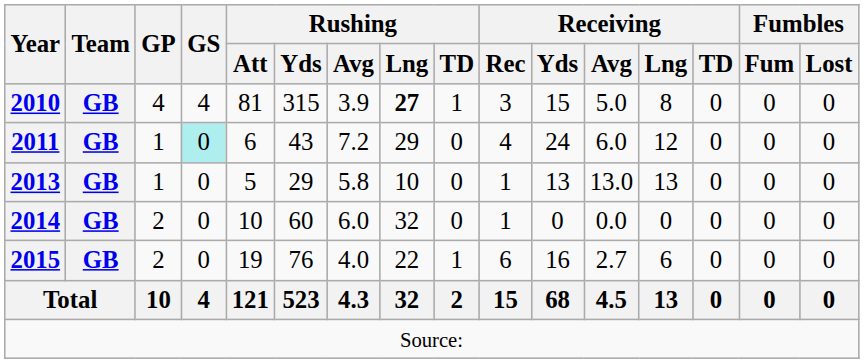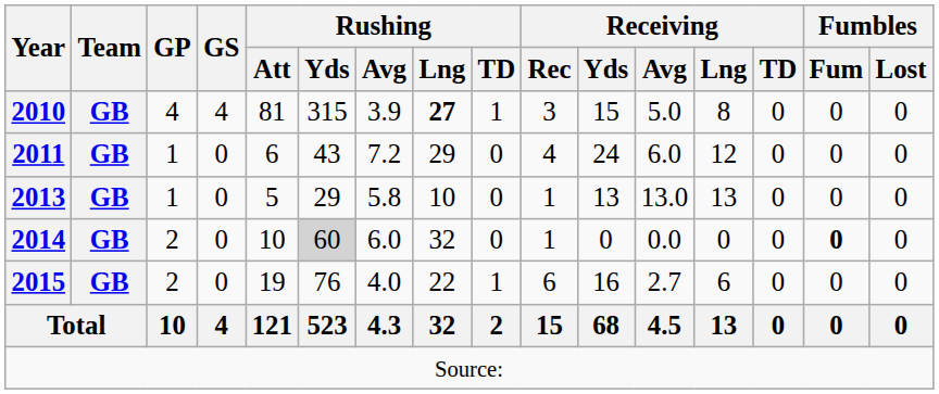 <table class="wikitable" style="text-align: center;">
 <tr>
 <th rowspan="2">Year</th>
 <th rowspan="2">Team</th>
 <th rowspan="2">GP</th>
 <th rowspan="2">GS</th>
 <th colspan="5">Rushing</th>
 <th colspan="5">Receiving</th>
 <th colspan="2">Fumbles</th>
 </tr>
 <tr>
 <th>Att</th>
 <th>Yds</th>
 <th>Avg</th>
 <th>Lng</th>
 <th>TD</th>
 <th>Rec</th>
 <th>Yds</th>
 <th>Avg</th>
 <th>Lng</th>
 <th>TD</th>
 <th>Fum</th>
 <th>Lost</th>
 </tr>
 <tr>
 <th><a href='#'>2010</a></th>
 <th><a href='#'>GB</a></th>
 <td>4</td>
 <td>4</td>
 <td>81</td>
 <td>315</td>
 <td>3.9</td>
 <td><strong>27</strong></td>
 <td>1</td>
 <td>3</td>
 <td>15</td>
 <td>5.0</td>
 <td>8</td>
 <td>0</td>
 <td>0</td>
 <td>0</td>
 </tr>
 <tr>
 <th><a href='#'>2011</a></th>
 <th><a href='#'>GB</a></th>
 <td>1</td>
-<td style="background: paleturquoise;">0</td>
+<td>0</td>
 <td>6</td>
 <td>43</td>
 <td>7.2</td>
 <td>29</td>
 <td>0</td>
 <td>4</td>
 <td>24</td>
 <td>6.0</td>
 <td>12</td>
 <td>0</td>
 <td>0</td>
 <td>0</td>
 </tr>
 <tr>
 <th><a href='#'>2013</a></th>
 <th><a href='#'>GB</a></th>
 <td>1</td>
 <td>0</td>
 <td>5</td>
 <td>29</td>
 <td>5.8</td>
 <td>10</td>
 <td>0</td>
 <td>1</td>
 <td>13</td>
 <td>13.0</td>
 <td>13</td>
 <td>0</td>
 <td>0</td>
 <td>0</td>
 </tr>
 <tr>
 <th><a href='#'>2014</a></th>
 <th><a href='#'>GB</a></th>
 <td>2</td>
 <td>0</td>
 <td>10</td>
-<td>60</td>
+<td style="background: lightgrey;">60</td>
 <td>6.0</td>
 <td>32</td>
 <td>0</td>
 <td>1</td>
 <td>0</td>
 <td>0.0</td>
 <td>0</td>
 <td>0</td>
-<td>0</td>
+<td><strong>0</strong></td>
 <td>0</td>
 </tr>
 <tr>
 <th><a href='#'>2015</a></th>
 <th><a href='#'>GB</a></th>
 <td>2</td>
 <td>0</td>
 <td>19</td>
 <td>76</td>
 <td>4.0</td>
 <td>22</td>
 <td>1</td>
 <td>6</td>
 <td>16</td>
 <td>2.7</td>
 <td>6</td>
 <td>0</td>
 <td>0</td>
 <td>0</td>
 </tr>
 <tr>
 <th colspan="2">Total</th>
 <th>10</th>
 <th>4</th>
 <th>121</th>
 <th>523</th>
 <th>4.3</th>
 <th>32</th>
 <th>2</th>
 <th>15</th>
 <th>68</th>
 <th>4.5</th>
 <th>13</th>
 <th>0</th>
 <th>0</th>
 <th>0</th>
 </tr>
 <tr>
 <td colspan="16"><small>Source: </small></td>
 </tr>
 </table>
